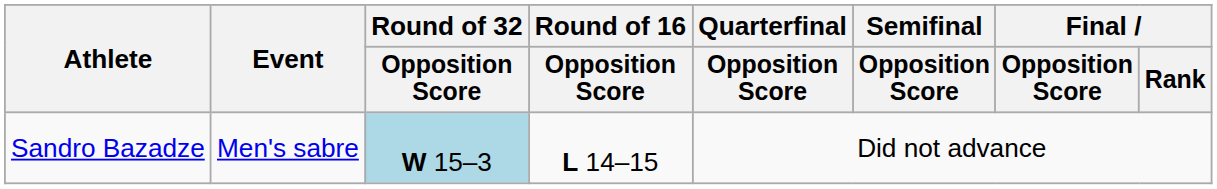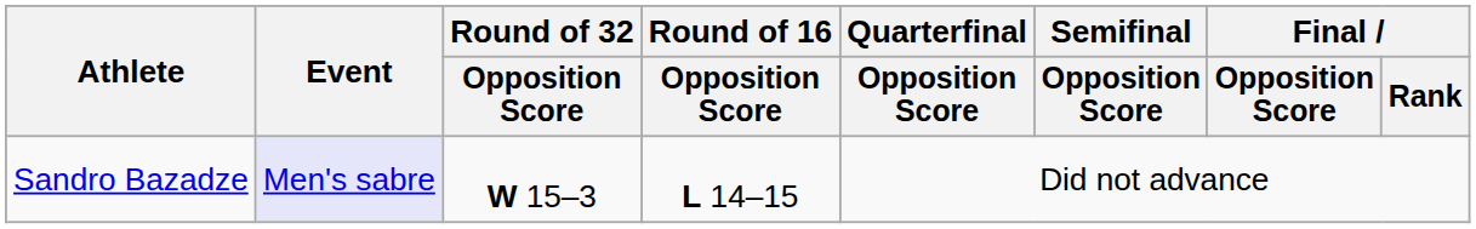 <table class="wikitable" style="font-size:90%">
 <tr>
 <th rowspan=2>Athlete</th>
 <th rowspan=2>Event</th>
 <th>Round of 32</th>
 <th>Round of 16</th>
 <th>Quarterfinal</th>
 <th>Semifinal</th>
 <th colspan=2>Final / </th>
 </tr>
 <tr style="font-size:95%">
 <th>Opposition<br>Score</th>
 <th>Opposition<br>Score</th>
 <th>Opposition<br>Score</th>
 <th>Opposition<br>Score</th>
 <th>Opposition<br>Score</th>
 <th>Rank</th>
 </tr>
 <tr align=center>
 <td align=left><a href='#'>Sandro Bazadze</a></td>
-<td align=left><a href='#'>Men's sabre</a></td>
-<td style="background: lightblue;"><br><strong>W</strong> 15–3</td>
+<td align=left style="background: lavender;"><a href='#'>Men's sabre</a></td>
+<td><br><strong>W</strong> 15–3</td>
 <td><br><strong>L</strong> 14–15</td>
 <td colspan=4>Did not advance</td>
 </tr>
 </table>
